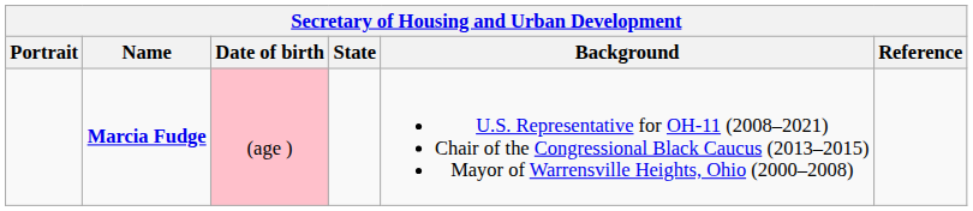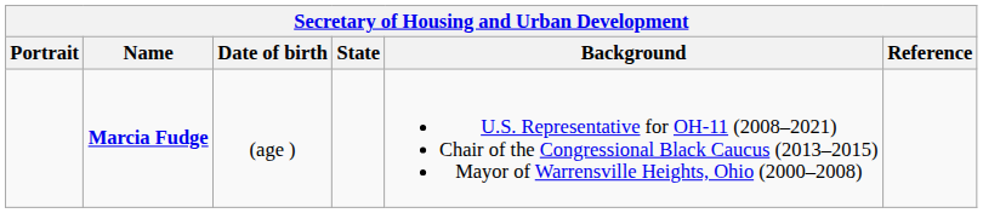 <table class="wikitable collapsible" style="text-align:center;">
 <tr>
 <th colspan="6"><a href='#'>Secretary of Housing and Urban Development</a></th>
 </tr>
 <tr>
 <th>Portrait</th>
 <th>Name</th>
 <th>Date of birth</th>
 <th>State</th>
 <th>Background</th>
 <th>Reference</th>
 </tr>
 <tr>
 <td></td>
 <td><strong><a href='#'>Marcia Fudge</a></strong></td>
-<td style="background: pink;"><br>(age )</td>
+<td><br>(age )</td>
 <td></td>
 <td><br><ul><li><a href='#'>U.S. Representative</a> for <a href='#'>OH-11</a> (2008–2021)</li><li>Chair of the <a href='#'>Congressional Black Caucus</a> (2013–2015)</li><li>Mayor of <a href='#'>Warrensville Heights, Ohio</a> (2000–2008)</li></ul></td>
 <td></td>
 </tr>
 </table>
